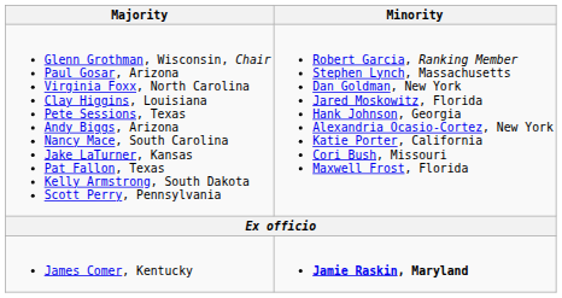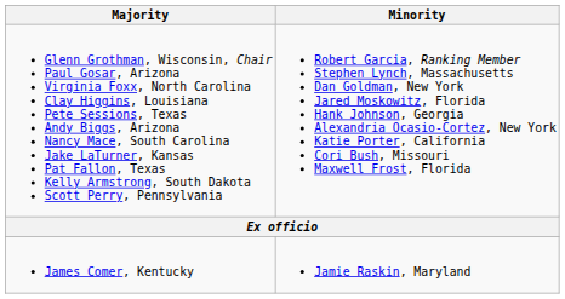 <table class=wikitable>
 <tr>
 <th>Majority</th>
 <th>Minority</th>
 </tr>
 <tr valign=top>
 <td><br><ul><li><a href='#'>Glenn Grothman</a>, Wisconsin, <em>Chair</em></li><li><a href='#'>Paul Gosar</a>, Arizona</li><li><a href='#'>Virginia Foxx</a>, North Carolina</li><li><a href='#'>Clay Higgins</a>, Louisiana</li><li><a href='#'>Pete Sessions</a>, Texas</li><li><a href='#'>Andy Biggs</a>, Arizona</li><li><a href='#'>Nancy Mace</a>, South Carolina</li><li><a href='#'>Jake LaTurner</a>, Kansas</li><li><a href='#'>Pat Fallon</a>, Texas</li><li><a href='#'>Kelly Armstrong</a>, South Dakota</li><li><a href='#'>Scott Perry</a>, Pennsylvania</li></ul></td>
 <td><br><ul><li><a href='#'>Robert Garcia</a>, <em>Ranking Member</em></li><li><a href='#'>Stephen Lynch</a>, Massachusetts</li><li><a href='#'>Dan Goldman</a>, New York</li><li><a href='#'>Jared Moskowitz</a>, Florida</li><li><a href='#'>Hank Johnson</a>, Georgia</li><li><a href='#'>Alexandria Ocasio-Cortez</a>, New York</li><li><a href='#'>Katie Porter</a>, California</li><li><a href='#'>Cori Bush</a>, Missouri</li><li><a href='#'>Maxwell Frost</a>, Florida</li></ul></td>
 </tr>
 <tr>
 <th colspan=2><em>Ex officio</em></th>
 </tr>
 <tr>
 <td><br><ul><li><a href='#'>James Comer</a>, Kentucky</li></ul></td>
-<td><strong><br><ul><li><a href='#'>Jamie Raskin</a>, Maryland</li></ul></strong></td>
+<td><br><ul><li><a href='#'>Jamie Raskin</a>, Maryland</li></ul></td>
 </tr>
 </table>
